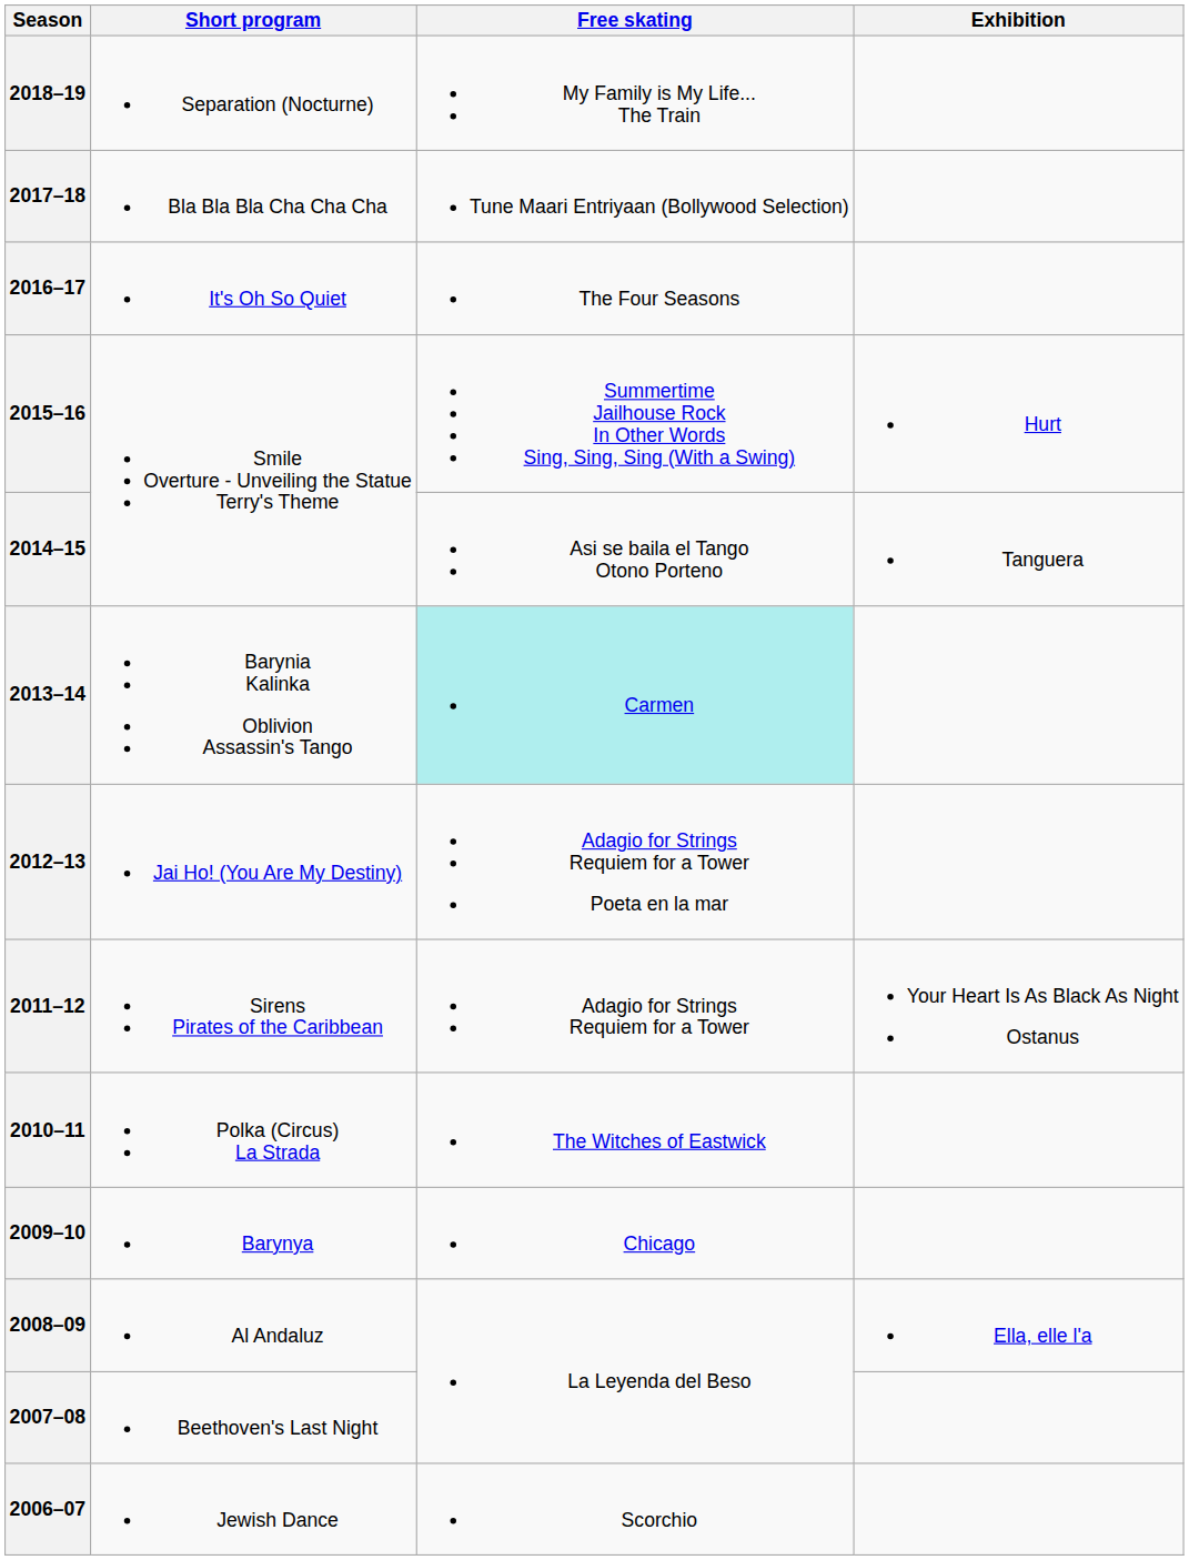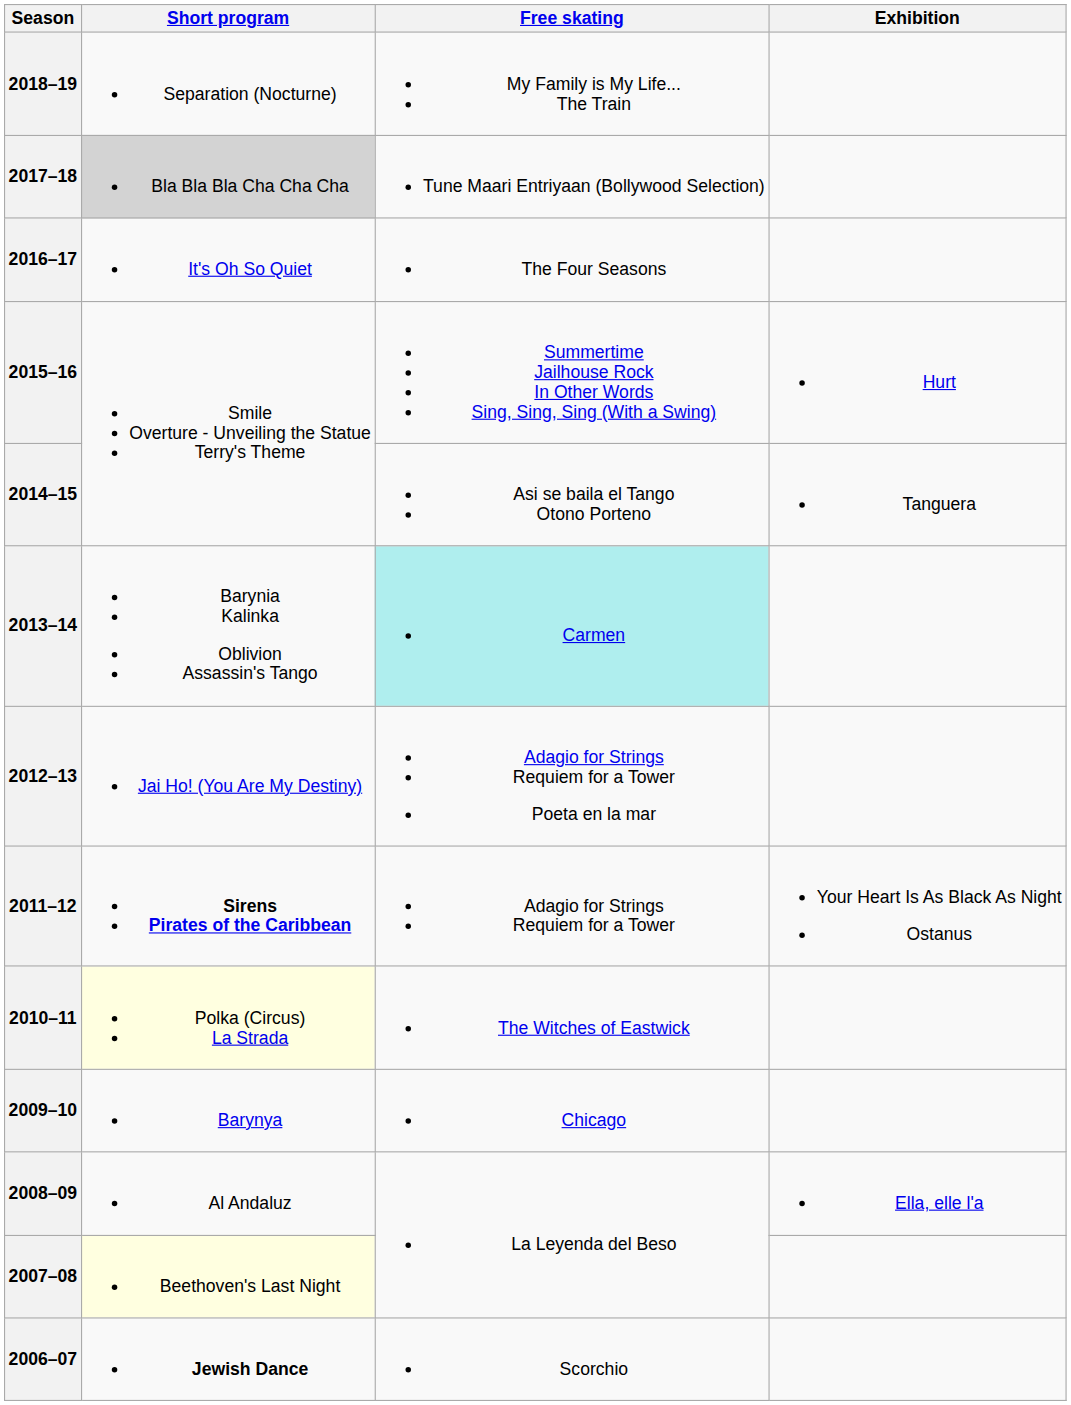 <table class="wikitable" style="text-align: center">
 <tr>
 <th>Season</th>
 <th><a href='#'>Short program</a></th>
 <th><a href='#'>Free skating</a></th>
 <th>Exhibition</th>
 </tr>
 <tr>
 <th>2018–19 <br> </th>
 <td><br><ul><li>Separation (Nocturne) <br> </li></ul></td>
 <td><br><ul><li>My Family is My Life...</li><li>The Train <br> </li></ul></td>
 <td></td>
 </tr>
 <tr>
 <th>2017–18 <br></th>
-<td><br><ul><li>Bla Bla Bla Cha Cha Cha <br> </li></ul></td>
+<td style="background: lightgrey;"><br><ul><li>Bla Bla Bla Cha Cha Cha <br> </li></ul></td>
 <td><br><ul><li>Tune Maari Entriyaan (Bollywood Selection)</li></ul></td>
 <td></td>
 </tr>
 <tr>
 <th>2016–17 <br></th>
 <td><br><ul><li><a href='#'>It's Oh So Quiet</a> <br></li></ul></td>
 <td><br><ul><li>The Four Seasons <br></li></ul></td>
 <td></td>
 </tr>
 <tr>
 <th>2015–16 <br></th>
 <td rowspan=2><br><ul><li>Smile <br></li><li>Overture - Unveiling the Statue <br></li><li>Terry's Theme <br></li></ul></td>
 <td><br><ul><li><a href='#'>Summertime</a> <br></li><li><a href='#'>Jailhouse Rock</a> <br></li><li><a href='#'>In Other Words</a> <br></li><li><a href='#'>Sing, Sing, Sing (With a Swing)</a> <br></li></ul></td>
 <td><br><ul><li><a href='#'>Hurt</a> <br></li></ul></td>
 </tr>
 <tr>
 <th>2014–15 <br> </th>
 <td><br><ul><li>Asi se baila el Tango <br></li><li>Otono Porteno <br></li></ul></td>
 <td><br><ul><li>Tanguera <br></li></ul></td>
 </tr>
 <tr>
 <th>2013–14 <br> </th>
 <td><br><ul><li>Barynia</li><li>Kalinka</li></ul><ul><li>Oblivion <br></li><li>Assassin's Tango <br></li></ul></td>
 <td style="background: paleturquoise;"><br><ul><li><a href='#'>Carmen</a> <br></li></ul></td>
 <td></td>
 </tr>
 <tr>
 <th>2012–13 <br> </th>
 <td><br><ul><li><a href='#'>Jai Ho! (You Are My Destiny)</a> <br></li></ul></td>
 <td><br><ul><li><a href='#'>Adagio for Strings</a> <br></li><li>Requiem for a Tower <br></li></ul><ul><li>Poeta en la mar <br></li></ul></td>
 <td></td>
 </tr>
 <tr>
 <th>2011–12 <br> </th>
-<td><br><ul><li>Sirens <br></li><li><a href='#'>Pirates of the Caribbean</a> <br></li></ul></td>
+<td><strong><br><ul><li>Sirens <br></li><li><a href='#'>Pirates of the Caribbean</a> <br></li></ul></strong></td>
 <td><br><ul><li>Adagio for Strings <br></li><li>Requiem for a Tower <br></li></ul></td>
 <td><br><ul><li>Your Heart Is As Black As Night <br></li></ul><ul><li>Ostanus <br></li></ul></td>
 </tr>
 <tr>
 <th>2010–11 <br> </th>
-<td><br><ul><li>Polka (Circus)<br></li><li><a href='#'>La Strada</a> <br></li></ul></td>
+<td style="background: lightyellow;"><br><ul><li>Polka (Circus)<br></li><li><a href='#'>La Strada</a> <br></li></ul></td>
 <td><br><ul><li><a href='#'>The Witches of Eastwick</a> <br></li></ul></td>
 <td></td>
 </tr>
 <tr>
 <th>2009–10 <br> </th>
 <td><br><ul><li><a href='#'>Barynya</a> <br></li></ul></td>
 <td><br><ul><li><a href='#'>Chicago</a> <br></li></ul></td>
 <td></td>
 </tr>
 <tr>
 <th>2008–09 <br> </th>
 <td><br><ul><li>Al Andaluz <br></li></ul></td>
 <td rowspan=2><br><ul><li>La Leyenda del Beso <br></li></ul></td>
 <td><br><ul><li><a href='#'>Ella, elle l'a</a> <br></li></ul></td>
 </tr>
 <tr>
 <th>2007–08 <br> </th>
-<td><br><ul><li>Beethoven's Last Night <br></li></ul></td>
+<td style="background: lightyellow;"><br><ul><li>Beethoven's Last Night <br></li></ul></td>
 <td></td>
 </tr>
 <tr>
 <th>2006–07 <br> </th>
-<td><br><ul><li>Jewish Dance</li></ul></td>
+<td><strong><br><ul><li>Jewish Dance</li></ul></strong></td>
 <td><br><ul><li>Scorchio <br></li></ul></td>
 <td></td>
 </tr>
 </table>
